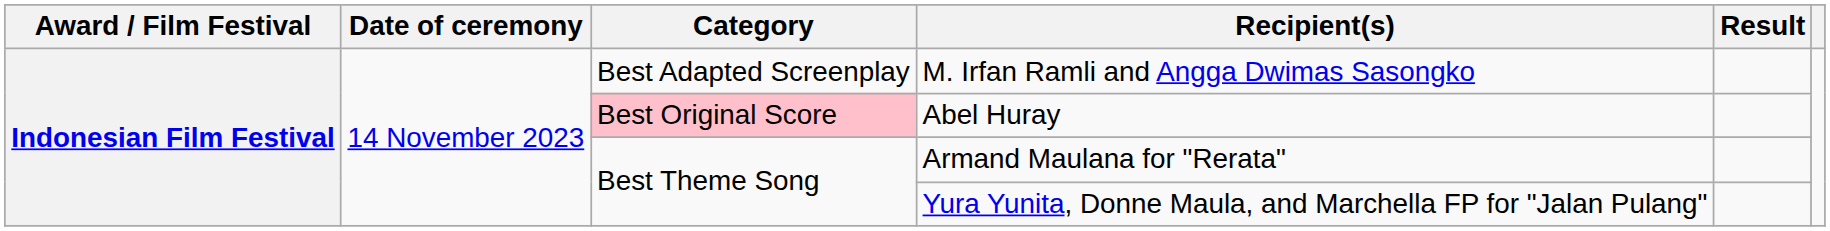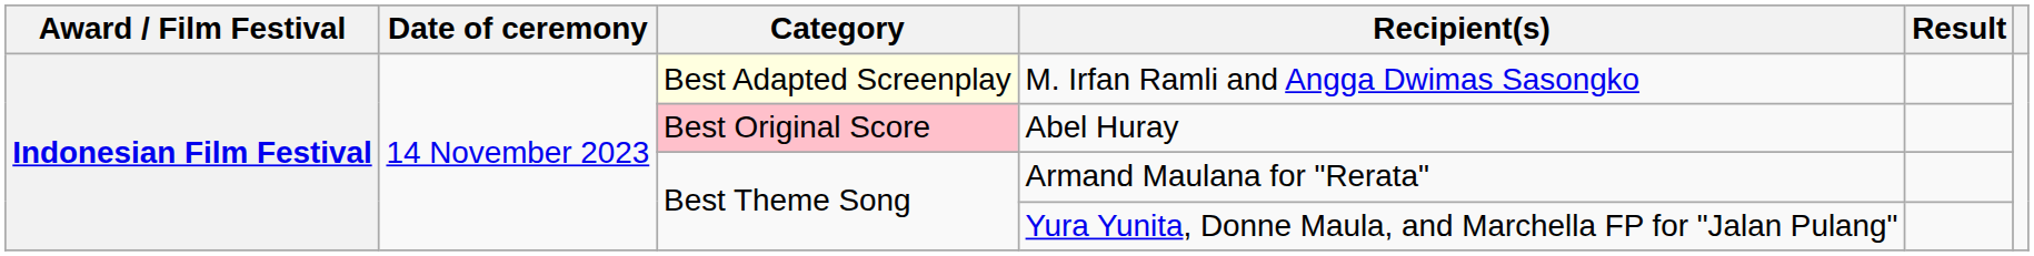 <table class="wikitable sortable plainrowheaders">
 <tr>
 <th scope="col">Award / Film Festival</th>
 <th scope="col">Date of ceremony</th>
 <th scope="col">Category</th>
 <th scope="col">Recipient(s)</th>
 <th scope="col">Result</th>
 <th scope="col" class="unsortable"></th>
 </tr>
 <tr>
 <th scope="row" rowspan="4"><a href='#'>Indonesian Film Festival</a></th>
 <td rowspan="4"><a href='#'>14 November 2023</a></td>
-<td>Best Adapted Screenplay</td>
+<td style="background: lightyellow;">Best Adapted Screenplay</td>
 <td>M. Irfan Ramli and <a href='#'>Angga Dwimas Sasongko</a></td>
 <td></td>
 <td align="center" rowspan="4"></td>
 </tr>
 <tr>
 <td style="background: pink;">Best Original Score</td>
 <td>Abel Huray</td>
 <td></td>
 </tr>
 <tr>
 <td rowspan="2">Best Theme Song</td>
 <td>Armand Maulana for "Rerata"</td>
 <td></td>
 </tr>
 <tr>
 <td><a href='#'>Yura Yunita</a>, Donne Maula, and Marchella FP for "Jalan Pulang"</td>
 <td></td>
 </tr>
 </table>
